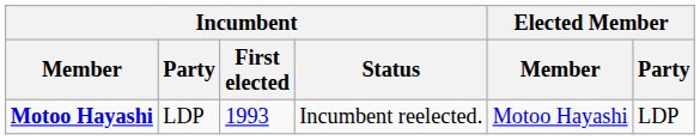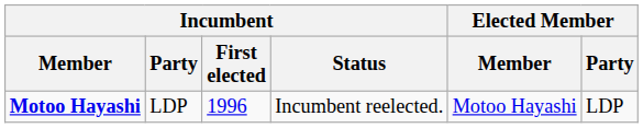 <table class="wikitable sortable">
 <tr>
 <th colspan=4>Incumbent</th>
 <th colspan=2>Elected Member</th>
 </tr>
 <tr>
 <th>Member</th>
 <th>Party</th>
 <th>First<br>elected</th>
 <th>Status</th>
 <th>Member</th>
 <th>Party</th>
 </tr>
 <tr>
 <td><strong><a href='#'>Motoo Hayashi</a></strong></td>
 <td>LDP</td>
-<td><a href='#'>1993</a></td>
+<td><a href='#'>1996</a></td>
 <td>Incumbent reelected.</td>
 <td><a href='#'>Motoo Hayashi</a></td>
 <td>LDP</td>
 </tr>
 </table>
